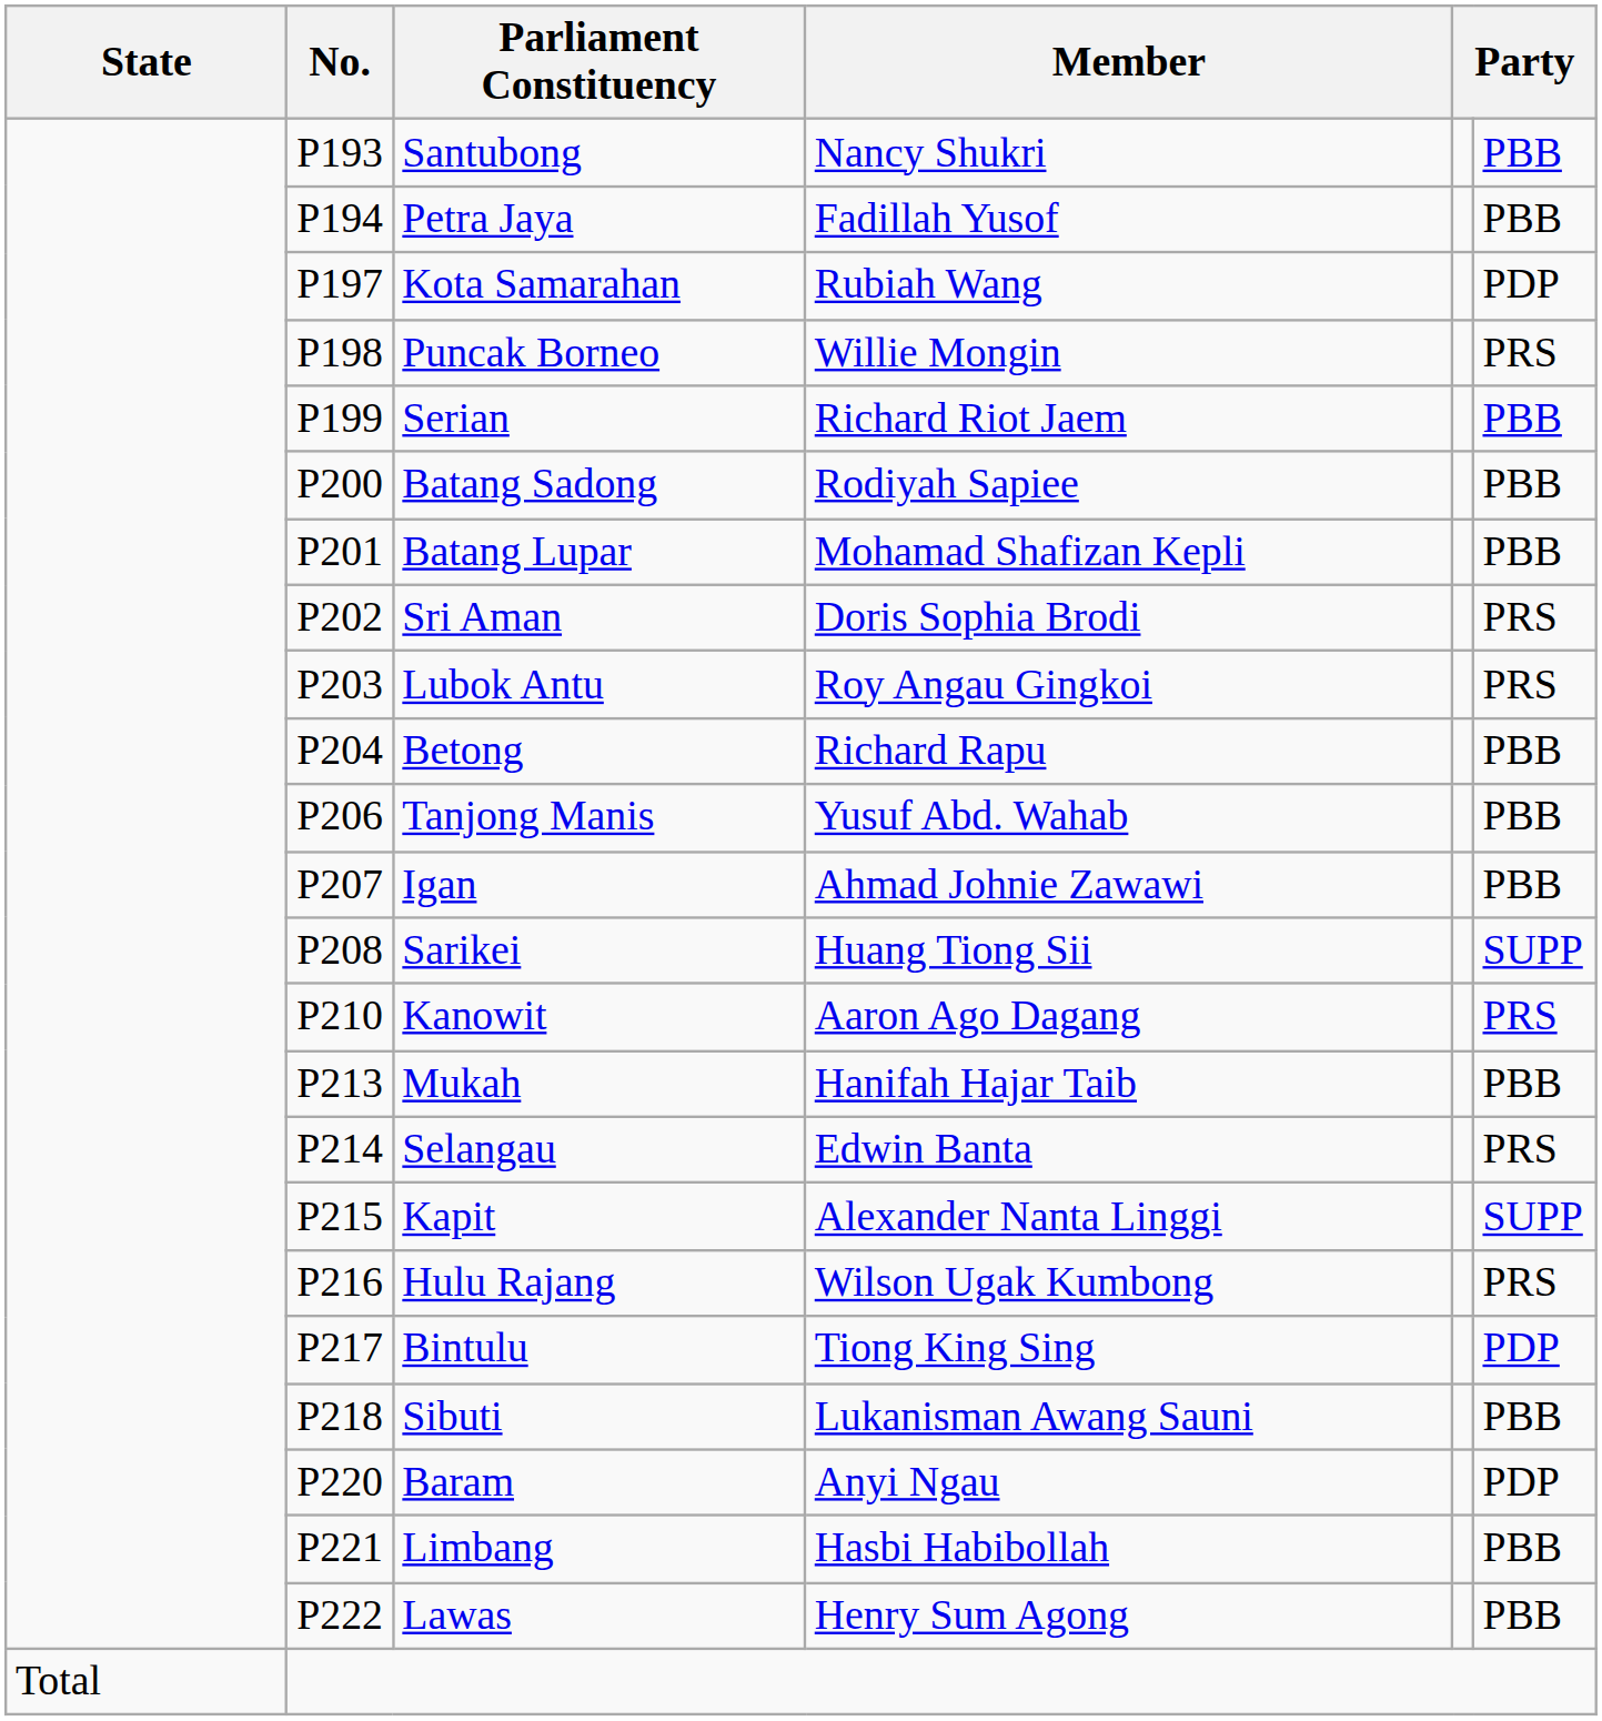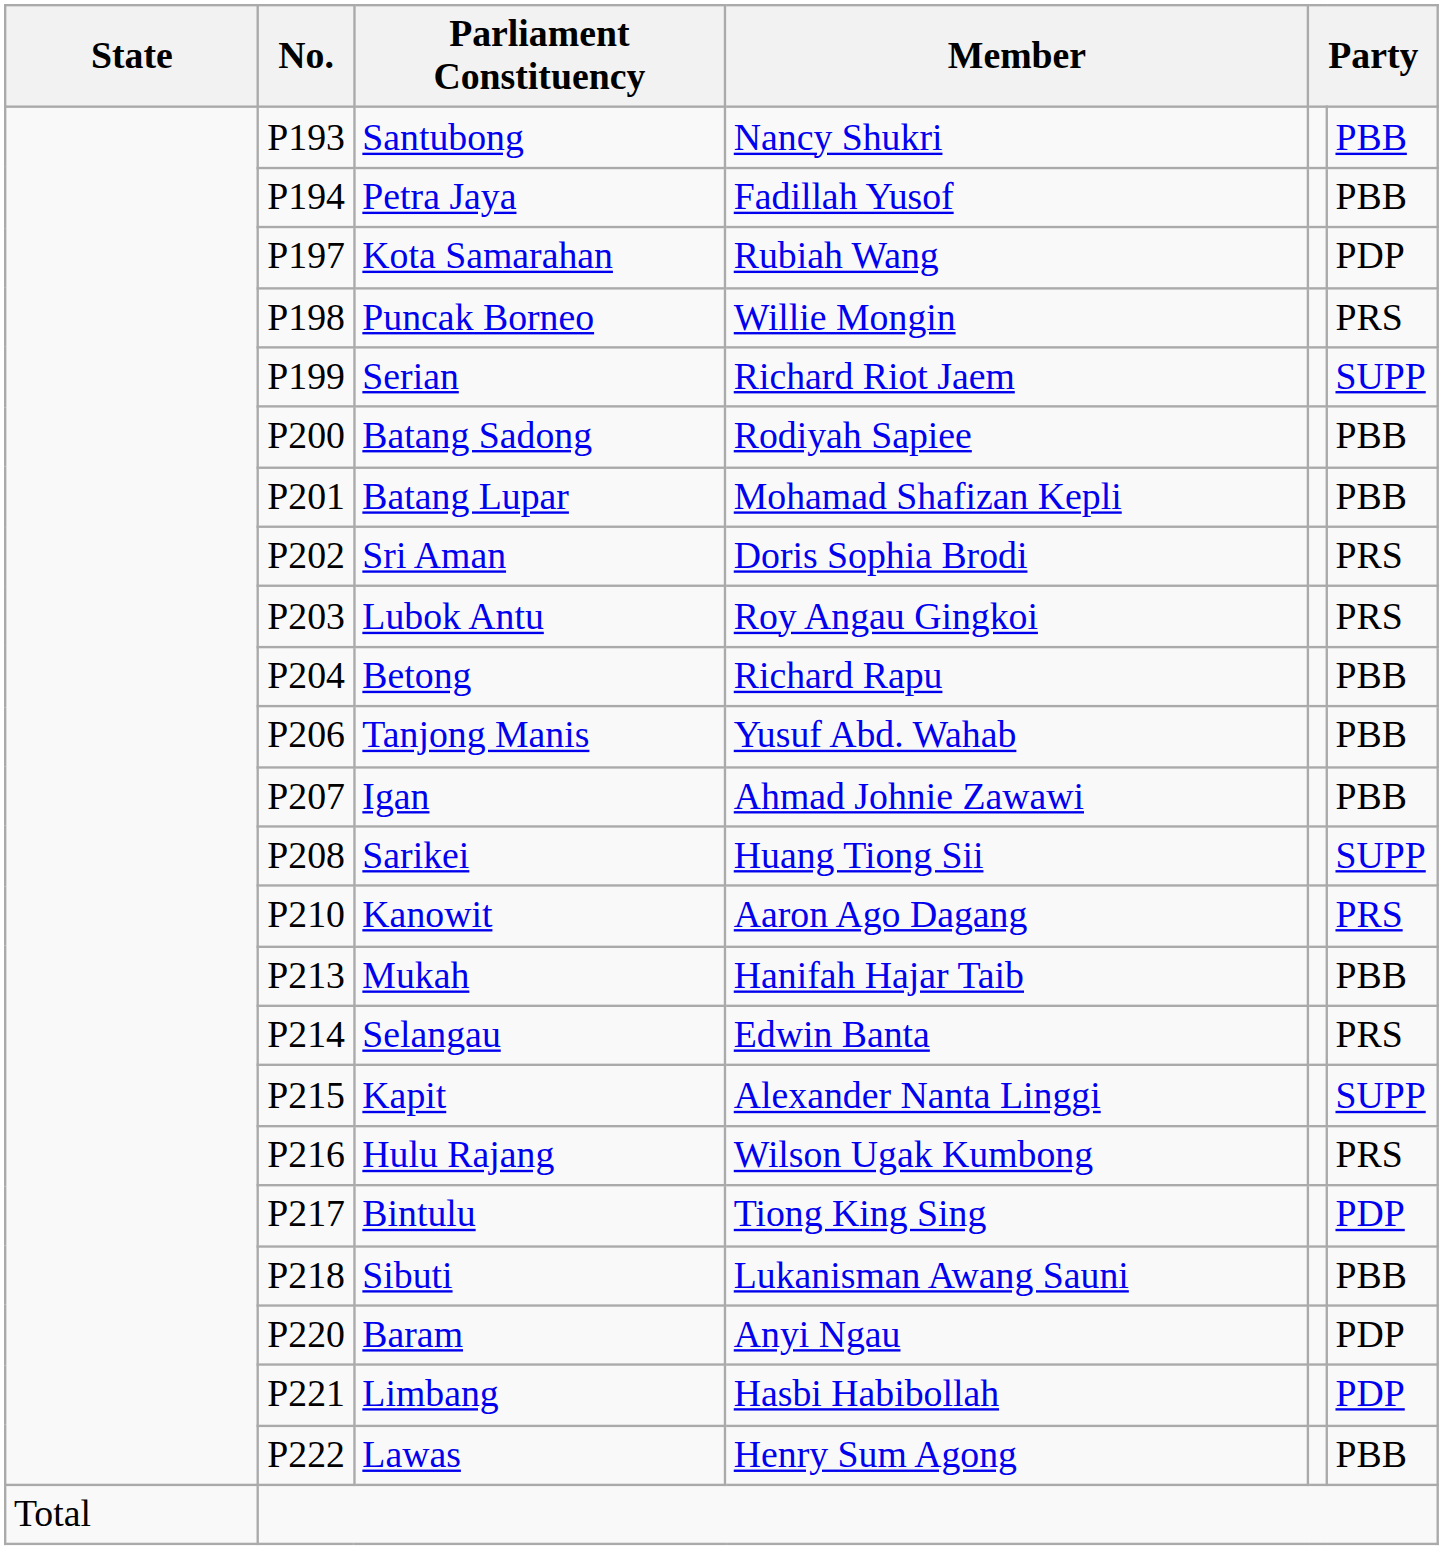 <table class ="wikitable sortable">
 <tr>
 <th style="width:100px;">State</th>
 <th style="width:30px;">No.</th>
 <th style="width:150px;">Parliament Constituency</th>
 <th style="width:240px;">Member</th>
 <th style="width:80px;" colspan=2>Party</th>
 </tr>
 <tr>
 <td rowspan="23"></td>
 <td>P193</td>
 <td><a href='#'>Santubong</a></td>
 <td><a href='#'>Nancy Shukri</a></td>
 <td></td>
 <td><a href='#'>PBB</a></td>
 </tr>
 <tr>
 <td>P194</td>
 <td><a href='#'>Petra Jaya</a></td>
 <td><a href='#'>Fadillah Yusof</a></td>
 <td></td>
 <td>PBB</td>
 </tr>
 <tr>
 <td>P197</td>
 <td><a href='#'>Kota Samarahan</a></td>
 <td><a href='#'>Rubiah Wang</a></td>
 <td></td>
 <td>PDP</td>
 </tr>
 <tr>
 <td>P198</td>
 <td><a href='#'>Puncak Borneo</a></td>
 <td><a href='#'>Willie Mongin</a></td>
 <td></td>
 <td>PRS</td>
 </tr>
 <tr>
 <td>P199</td>
 <td><a href='#'>Serian</a></td>
 <td><a href='#'>Richard Riot Jaem</a></td>
 <td></td>
-<td><a href='#'>PBB</a></td>
+<td><a href='#'>SUPP</a></td>
 </tr>
 <tr>
 <td>P200</td>
 <td><a href='#'>Batang Sadong</a></td>
 <td><a href='#'>Rodiyah Sapiee</a></td>
 <td></td>
 <td>PBB</td>
 </tr>
 <tr>
 <td>P201</td>
 <td><a href='#'>Batang Lupar</a></td>
 <td><a href='#'>Mohamad Shafizan Kepli</a></td>
 <td></td>
 <td>PBB</td>
 </tr>
 <tr>
 <td>P202</td>
 <td><a href='#'>Sri Aman</a></td>
 <td><a href='#'>Doris Sophia Brodi</a></td>
 <td></td>
 <td>PRS</td>
 </tr>
 <tr>
 <td>P203</td>
 <td><a href='#'>Lubok Antu</a></td>
 <td><a href='#'>Roy Angau Gingkoi</a></td>
 <td></td>
 <td>PRS</td>
 </tr>
 <tr>
 <td>P204</td>
 <td><a href='#'>Betong</a></td>
 <td><a href='#'>Richard Rapu</a></td>
 <td></td>
 <td>PBB</td>
 </tr>
 <tr>
 <td>P206</td>
 <td><a href='#'>Tanjong Manis</a></td>
 <td><a href='#'>Yusuf Abd. Wahab</a></td>
 <td></td>
 <td>PBB</td>
 </tr>
 <tr>
 <td>P207</td>
 <td><a href='#'>Igan</a></td>
 <td><a href='#'>Ahmad Johnie Zawawi</a></td>
 <td></td>
 <td>PBB</td>
 </tr>
 <tr>
 <td>P208</td>
 <td><a href='#'>Sarikei</a></td>
 <td><a href='#'>Huang Tiong Sii</a></td>
 <td></td>
 <td><a href='#'>SUPP</a></td>
 </tr>
 <tr>
 <td>P210</td>
 <td><a href='#'>Kanowit</a></td>
 <td><a href='#'>Aaron Ago Dagang</a></td>
 <td></td>
 <td><a href='#'>PRS</a></td>
 </tr>
 <tr>
 <td>P213</td>
 <td><a href='#'>Mukah</a></td>
 <td><a href='#'>Hanifah Hajar Taib</a></td>
 <td></td>
 <td>PBB</td>
 </tr>
 <tr>
 <td>P214</td>
 <td><a href='#'>Selangau</a></td>
 <td><a href='#'>Edwin Banta</a></td>
 <td></td>
 <td>PRS</td>
 </tr>
 <tr>
 <td>P215</td>
 <td><a href='#'>Kapit</a></td>
 <td><a href='#'>Alexander Nanta Linggi</a></td>
 <td></td>
 <td><a href='#'>SUPP</a></td>
 </tr>
 <tr>
 <td>P216</td>
 <td><a href='#'>Hulu Rajang</a></td>
 <td><a href='#'>Wilson Ugak Kumbong</a></td>
 <td></td>
 <td>PRS</td>
 </tr>
 <tr>
 <td>P217</td>
 <td><a href='#'>Bintulu</a></td>
 <td><a href='#'>Tiong King Sing</a></td>
 <td></td>
 <td><a href='#'>PDP</a></td>
 </tr>
 <tr>
 <td>P218</td>
 <td><a href='#'>Sibuti</a></td>
 <td><a href='#'>Lukanisman Awang Sauni</a></td>
 <td></td>
 <td>PBB</td>
 </tr>
 <tr>
 <td>P220</td>
 <td><a href='#'>Baram</a></td>
 <td><a href='#'>Anyi Ngau</a></td>
 <td></td>
 <td>PDP</td>
 </tr>
 <tr>
 <td>P221</td>
 <td><a href='#'>Limbang</a></td>
 <td><a href='#'>Hasbi Habibollah</a></td>
 <td></td>
-<td>PBB</td>
+<td><a href='#'>PDP</a></td>
 </tr>
 <tr>
 <td>P222</td>
 <td><a href='#'>Lawas</a></td>
 <td><a href='#'>Henry Sum Agong</a></td>
 <td></td>
 <td>PBB</td>
 </tr>
 <tr>
 <td>Total</td>
 <td style="width:30px;" colspan=6></td>
 </tr>
 </table>
